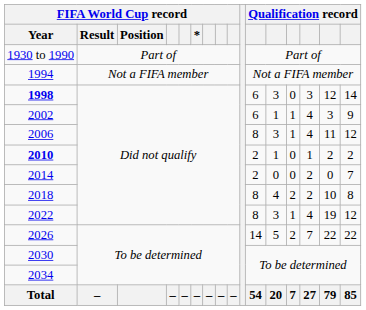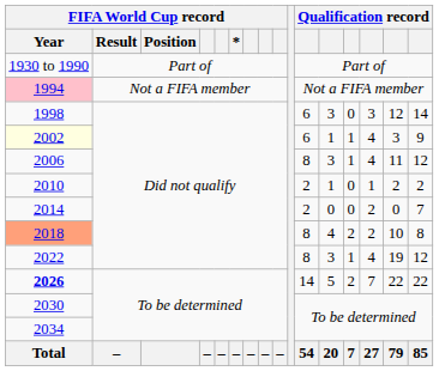 <table class="wikitable" style="text-align: center;">
 <tr>
 <th colspan=9><a href='#'>FIFA World Cup</a> record</th>
 <th rowspan="15"></th>
 <th colspan="6"><a href='#'>Qualification</a> record</th>
 </tr>
 <tr>
 <th>Year</th>
 <th>Result</th>
 <th>Position</th>
 <th></th>
 <th></th>
 <th>*</th>
 <th></th>
 <th></th>
 <th></th>
 <th></th>
 <th></th>
 <th></th>
 <th></th>
 <th></th>
 <th></th>
 </tr>
 <tr>
 <td> <a href='#'>1930</a> to   <a href='#'>1990</a></td>
 <td colspan=8><em>Part of </em></td>
 <td colspan=6><em>Part of </em></td>
 </tr>
 <tr>
-<td> <a href='#'>1994</a></td>
+<td style="background: pink;"> <a href='#'>1994</a></td>
 <td colspan=8><em>Not a FIFA member</em></td>
 <td colspan="6"><em>Not a FIFA member</em></td>
 </tr>
 <tr>
-<td><strong> <a href='#'>1998</a></strong></td>
+<td> <a href='#'>1998</a></td>
 <td colspan=8 rowspan=7><em>Did not qualify</em></td>
 <td>6</td>
 <td>3</td>
 <td>0</td>
 <td>3</td>
 <td>12</td>
 <td>14</td>
 </tr>
 <tr>
-<td>  <a href='#'>2002</a></td>
+<td style="background: lightyellow;">  <a href='#'>2002</a></td>
 <td>6</td>
 <td>1</td>
 <td>1</td>
 <td>4</td>
 <td>3</td>
 <td>9</td>
 </tr>
 <tr>
 <td> <a href='#'>2006</a></td>
 <td>8</td>
 <td>3</td>
 <td>1</td>
 <td>4</td>
 <td>11</td>
 <td>12</td>
 </tr>
 <tr>
-<td><strong> <a href='#'>2010</a></strong></td>
+<td> <a href='#'>2010</a></td>
 <td>2</td>
 <td>1</td>
 <td>0</td>
 <td>1</td>
 <td>2</td>
 <td>2</td>
 </tr>
 <tr>
 <td> <a href='#'>2014</a></td>
 <td>2</td>
 <td>0</td>
 <td>0</td>
 <td>2</td>
 <td>0</td>
 <td>7</td>
 </tr>
 <tr>
-<td> <a href='#'>2018</a></td>
+<td style="background: lightsalmon;"> <a href='#'>2018</a></td>
 <td>8</td>
 <td>4</td>
 <td>2</td>
 <td>2</td>
 <td>10</td>
 <td>8</td>
 </tr>
 <tr>
 <td> <a href='#'>2022</a></td>
 <td>8</td>
 <td>3</td>
 <td>1</td>
 <td>4</td>
 <td>19</td>
 <td>12</td>
 </tr>
 <tr>
-<td>   <a href='#'>2026</a></td>
+<td><strong>   <a href='#'>2026</a></strong></td>
 <td colspan=8 rowspan=3><em>To be determined</em></td>
 <td>14</td>
 <td>5</td>
 <td>2</td>
 <td>7</td>
 <td>22</td>
 <td>22</td>
 </tr>
 <tr>
 <td>   <a href='#'>2030</a></td>
 <td colspan=6 rowspan=2><em>To be determined</em></td>
 </tr>
 <tr>
 <td> <a href='#'>2034</a></td>
 </tr>
 <tr>
 <th>Total</th>
 <th>–</th>
 <th></th>
 <th>–</th>
 <th>–</th>
 <th>–</th>
 <th>–</th>
 <th>–</th>
 <th>–</th>
 <th>54</th>
 <th>20</th>
 <th>7</th>
 <th>27</th>
 <th>79</th>
 <th>85</th>
 </tr>
 </table>
